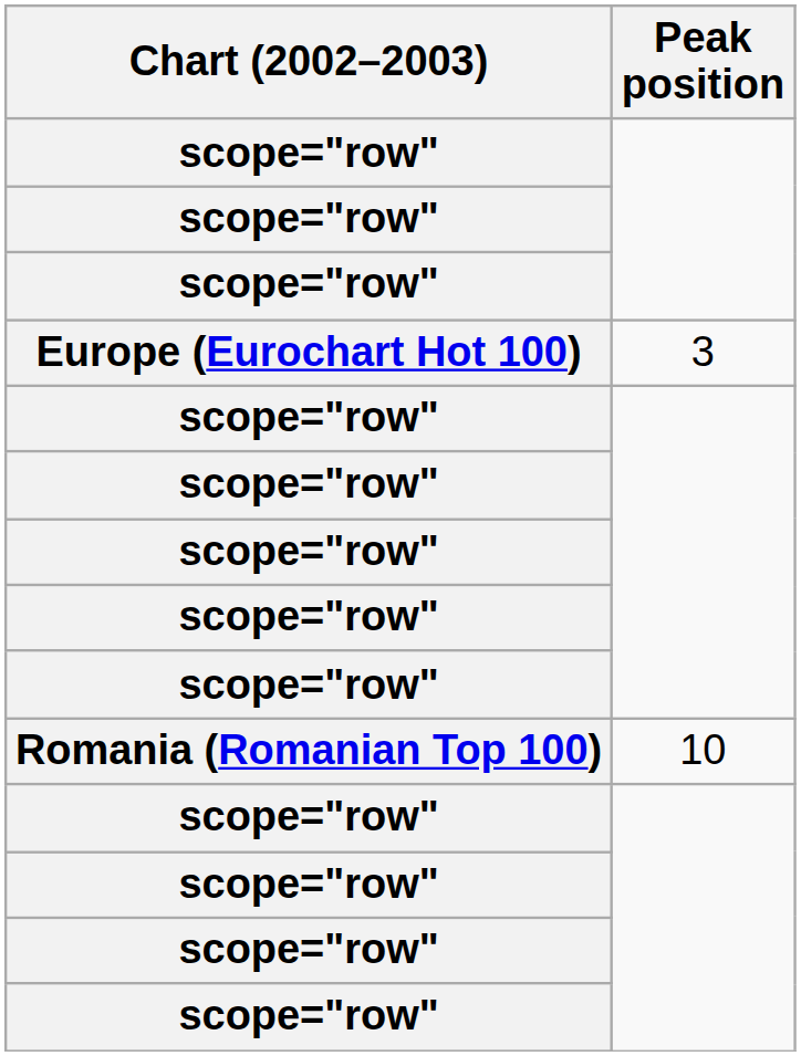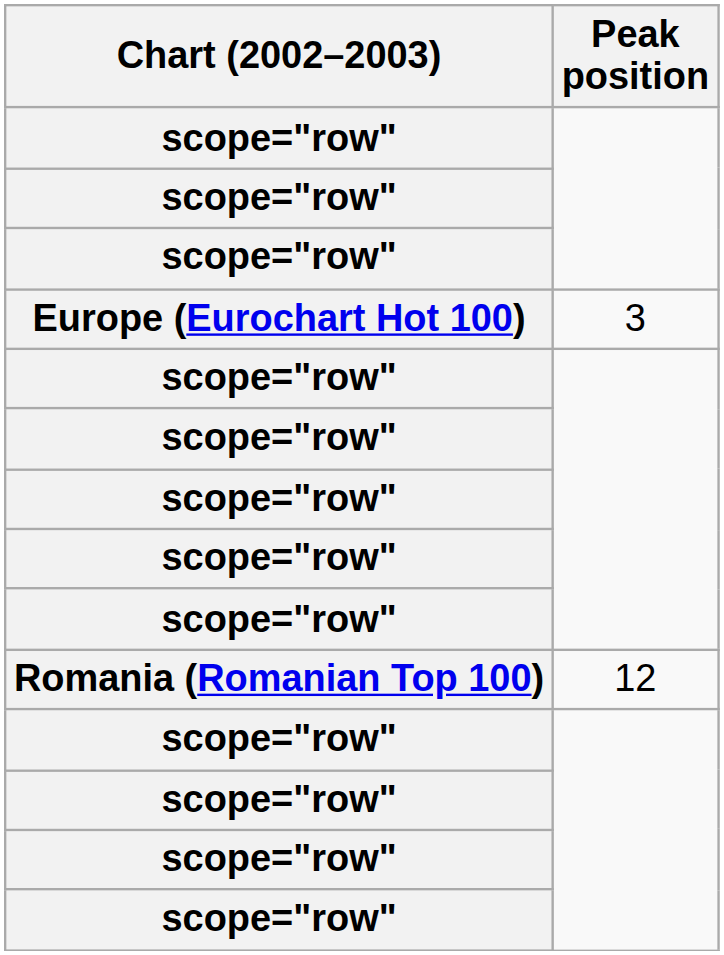 <table class="wikitable sortable plainrowheaders" style="text-align:center">
 <tr>
 <th>Chart (2002–2003)</th>
 <th>Peak<br>position</th>
 </tr>
 <tr>
 <th>scope="row"</th>
 </tr>
 <tr>
 <th>scope="row"</th>
 </tr>
 <tr>
 <th>scope="row"</th>
 </tr>
 <tr>
 <th scope="row">Europe (<a href='#'>Eurochart Hot 100</a>)</th>
 <td>3</td>
 </tr>
 <tr>
 <th>scope="row"</th>
 </tr>
 <tr>
 <th>scope="row"</th>
 </tr>
 <tr>
 <th>scope="row"</th>
 </tr>
 <tr>
 <th>scope="row"</th>
 </tr>
 <tr>
 <th>scope="row"</th>
 </tr>
 <tr>
 <th scope="row">Romania (<a href='#'>Romanian Top 100</a>)</th>
-<td>10</td>
+<td>12</td>
 </tr>
 <tr>
 <th>scope="row"</th>
 </tr>
 <tr>
 <th>scope="row"</th>
 </tr>
 <tr>
 <th>scope="row"</th>
 </tr>
 <tr>
 <th>scope="row"</th>
 </tr>
 <tr>
 </tr>
 </table>
